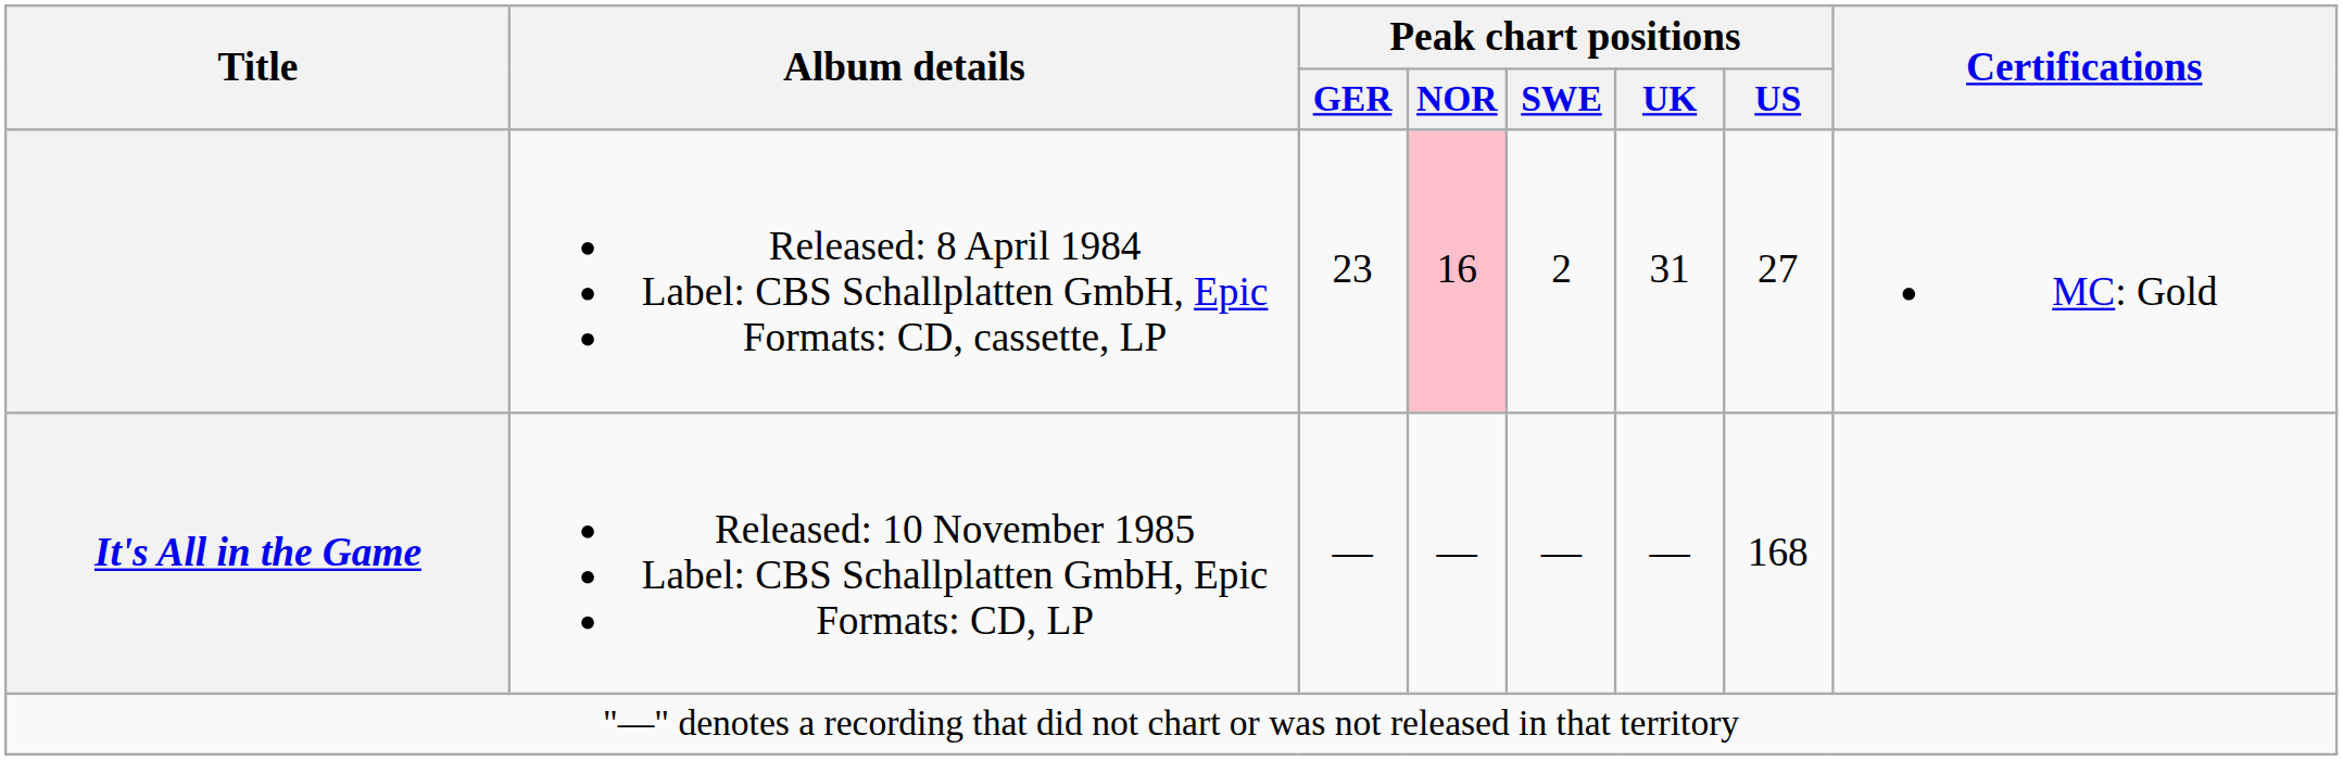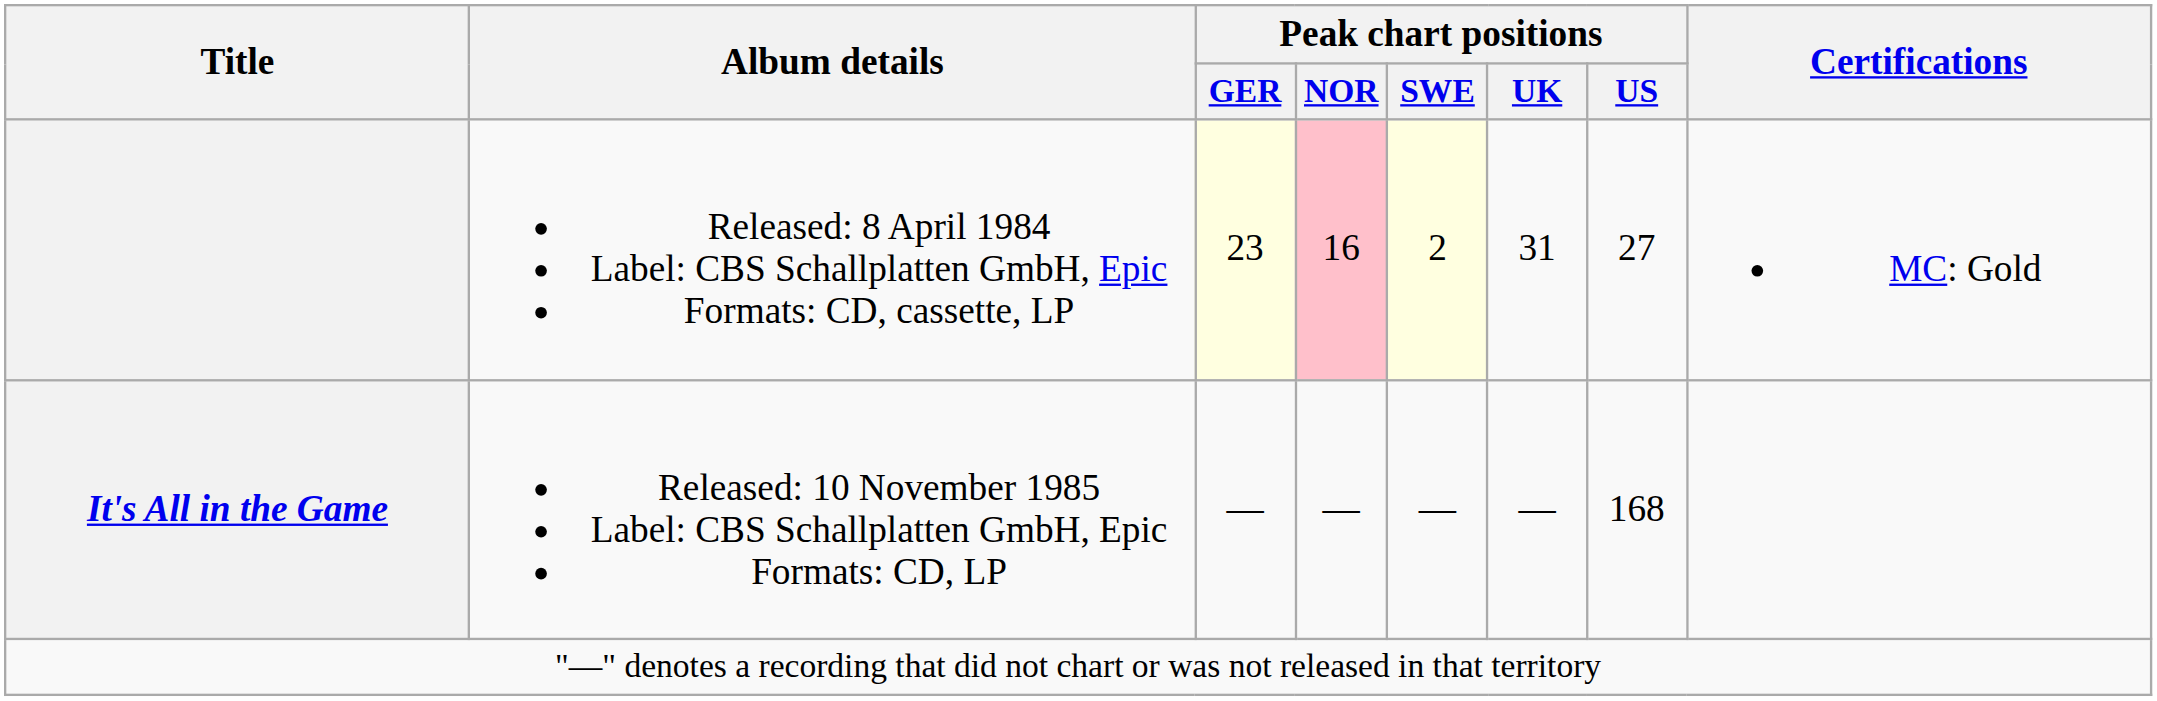 <table class="wikitable plainrowheaders" style="text-align:center;">
 <tr>
 <th scope="col" rowspan="2" style="width:12em;">Title</th>
 <th scope="col" rowspan="2" style="width:19em;">Album details</th>
 <th scope="col" colspan="5">Peak chart positions</th>
 <th scope="col" rowspan="2" style="width:12em;"><a href='#'>Certifications</a></th>
 </tr>
 <tr>
 <th scope="col" style="width:2.5em;font-size:90%;"><a href='#'>GER</a><br></th>
 <th scope="col" style="width:2.3em;font-size:90%;"><a href='#'>NOR</a><br></th>
 <th scope="col" style="width:2.5em;font-size:90%;"><a href='#'>SWE</a><br></th>
 <th scope="col" style="width:2.5em;font-size:90%;"><a href='#'>UK</a><br></th>
 <th scope="col" style="width:2.5em;font-size:90%;"><a href='#'>US</a><br></th>
 </tr>
 <tr>
 <th scope="row"></th>
 <td><br><ul><li>Released: 8 April 1984</li><li>Label: CBS Schallplatten GmbH, <a href='#'>Epic</a></li><li>Formats: CD, cassette, LP</li></ul></td>
-<td>23</td>
+<td style="background: lightyellow;">23</td>
 <td style="background: pink;">16</td>
-<td>2</td>
+<td style="background: lightyellow;">2</td>
 <td>31</td>
 <td>27</td>
 <td><br><ul><li><a href='#'>MC</a>: Gold</li></ul></td>
 </tr>
 <tr>
 <th scope="row"><em><a href='#'>It's All in the Game</a></em></th>
 <td><br><ul><li>Released: 10 November 1985</li><li>Label: CBS Schallplatten GmbH, Epic</li><li>Formats: CD, LP</li></ul></td>
 <td>—</td>
 <td>—</td>
 <td>—</td>
 <td>—</td>
 <td>168</td>
 <td></td>
 </tr>
 <tr>
 <td colspan="12" style="font-size:90%">"—" denotes a recording that did not chart or was not released in that territory</td>
 </tr>
 </table>
